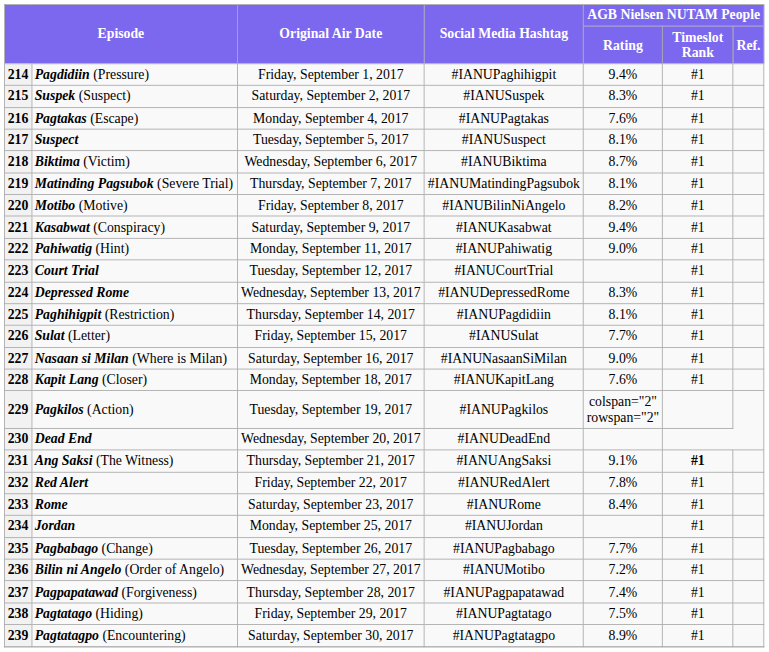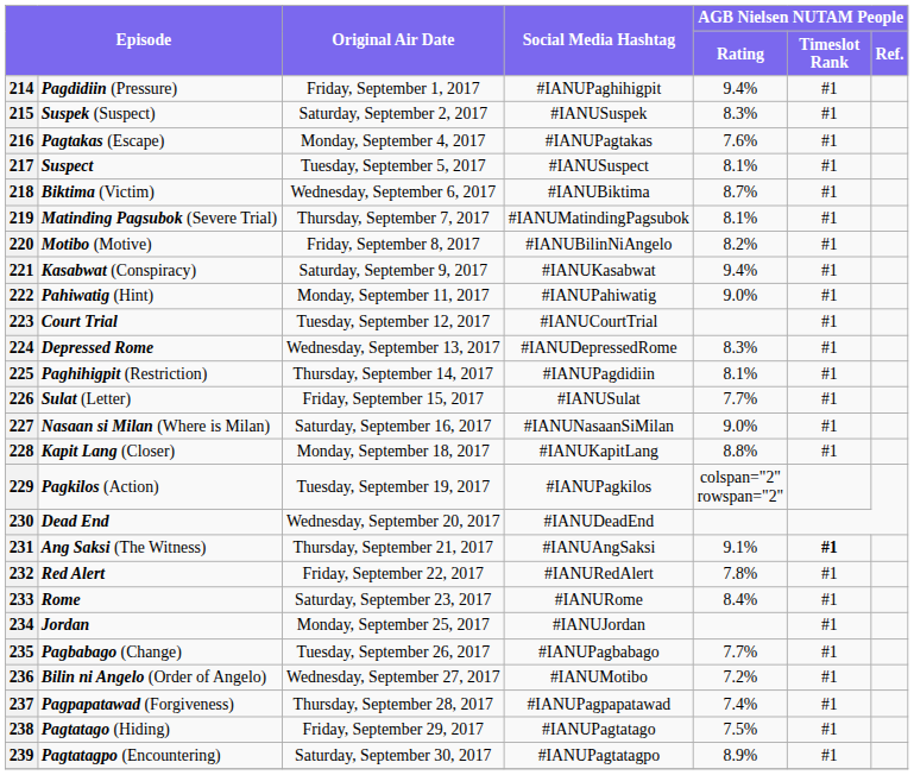 <table class="wikitable" style="text-align:center; font-size:100%; line-height:18px;"  width="100%">
 <tr>
 <th colspan="2" rowspan="2" style="background-color:#7B68EE; color:#ffffff;">Episode</th>
 <th style="background:#7B68EE; color:white" rowspan="2">Original Air Date</th>
 <th style="background:#7B68EE; color:white" rowspan="2">Social Media Hashtag</th>
 <th style="background-color:#7B68EE; color:#ffffff;" colspan="3">AGB Nielsen NUTAM People</th>
 </tr>
 <tr>
 <th style="background-color:#7B68EE; width:75px; color:#ffffff;">Rating</th>
 <th style="background-color:#7B68EE; width:75px; color:#ffffff;">Timeslot<br>Rank</th>
 <th style="background-color:#7B68EE; color:#ffffff;">Ref.</th>
 </tr>
 <tr>
 <th>214</th>
 <td style="text-align: left;"><strong><em>Pagdidiin</em></strong> (Pressure)</td>
 <td>Friday, September 1, 2017</td>
 <td>#IANUPaghihigpit</td>
 <td>9.4%</td>
 <td>#1</td>
 <td></td>
 </tr>
 <tr>
 <th>215</th>
 <td style="text-align: left;"><strong><em>Suspek</em></strong> (Suspect)</td>
 <td>Saturday, September 2, 2017</td>
 <td>#IANUSuspek</td>
 <td>8.3%</td>
 <td>#1</td>
 <td></td>
 </tr>
 <tr>
 <th>216</th>
 <td style="text-align: left;"><strong><em>Pagtakas</em></strong> (Escape)</td>
 <td>Monday, September 4, 2017</td>
 <td>#IANUPagtakas</td>
 <td>7.6%</td>
 <td>#1</td>
 <td></td>
 </tr>
 <tr>
 <th>217</th>
 <td style="text-align: left;"><strong><em>Suspect</em></strong></td>
 <td>Tuesday, September 5, 2017</td>
 <td>#IANUSuspect</td>
 <td>8.1%</td>
 <td>#1</td>
 <td></td>
 </tr>
 <tr>
 <th>218</th>
 <td style="text-align: left;"><strong><em>Biktima</em></strong> (Victim)</td>
 <td>Wednesday, September 6, 2017</td>
 <td>#IANUBiktima</td>
 <td>8.7%</td>
 <td>#1</td>
 <td></td>
 </tr>
 <tr>
 <th>219</th>
 <td style="text-align: left;"><strong><em>Matinding Pagsubok</em></strong> (Severe Trial)</td>
 <td>Thursday, September 7, 2017</td>
 <td>#IANUMatindingPagsubok</td>
 <td>8.1%</td>
 <td>#1</td>
 <td></td>
 </tr>
 <tr>
 <th>220</th>
 <td style="text-align: left;"><strong><em>Motibo</em></strong> (Motive)</td>
 <td>Friday, September 8, 2017</td>
 <td>#IANUBilinNiAngelo</td>
 <td>8.2%</td>
 <td>#1</td>
 <td></td>
 </tr>
 <tr>
 <th>221</th>
 <td style="text-align: left;"><strong><em>Kasabwat</em></strong> (Conspiracy)</td>
 <td>Saturday, September 9, 2017</td>
 <td>#IANUKasabwat</td>
 <td>9.4%</td>
 <td>#1</td>
 <td></td>
 </tr>
 <tr>
 <th>222</th>
 <td style="text-align: left;"><strong><em>Pahiwatig</em></strong> (Hint)</td>
 <td>Monday, September 11, 2017</td>
 <td>#IANUPahiwatig</td>
 <td>9.0%</td>
 <td>#1</td>
 <td></td>
 </tr>
 <tr>
 <th>223</th>
 <td style="text-align: left;"><strong><em>Court Trial</em></strong></td>
 <td>Tuesday, September 12, 2017</td>
 <td>#IANUCourtTrial</td>
 <td></td>
 <td>#1</td>
 <td></td>
 </tr>
 <tr>
 <th>224</th>
 <td style="text-align: left;"><strong><em>Depressed Rome</em></strong></td>
 <td>Wednesday, September 13, 2017</td>
 <td>#IANUDepressedRome</td>
 <td>8.3%</td>
 <td>#1</td>
 <td></td>
 </tr>
 <tr>
 <th>225</th>
 <td style="text-align: left;"><strong><em>Paghihigpit</em></strong> (Restriction)</td>
 <td>Thursday, September 14, 2017</td>
 <td>#IANUPagdidiin</td>
 <td>8.1%</td>
 <td>#1</td>
 <td></td>
 </tr>
 <tr>
 <th>226</th>
 <td style="text-align: left;"><strong><em>Sulat</em></strong> (Letter)</td>
 <td>Friday, September 15, 2017</td>
 <td>#IANUSulat</td>
 <td>7.7%</td>
 <td>#1</td>
 <td></td>
 </tr>
 <tr>
 <th>227</th>
 <td style="text-align: left;"><strong><em>Nasaan si Milan</em></strong> (Where is Milan)</td>
 <td>Saturday, September 16, 2017</td>
 <td>#IANUNasaanSiMilan</td>
 <td>9.0%</td>
 <td>#1</td>
 <td></td>
 </tr>
 <tr>
 <th>228</th>
 <td style="text-align: left;"><strong><em>Kapit Lang</em></strong> (Closer)</td>
 <td>Monday, September 18, 2017</td>
 <td>#IANUKapitLang</td>
-<td>7.6%</td>
+<td>8.8%</td>
 <td>#1</td>
 <td></td>
 </tr>
 <tr>
 <th>229</th>
 <td style="text-align: left;"><strong><em>Pagkilos</em></strong> (Action)</td>
 <td>Tuesday, September 19, 2017</td>
 <td>#IANUPagkilos</td>
 <td>colspan="2" rowspan="2" </td>
 <td></td>
 </tr>
 <tr>
 <th>230</th>
 <td style="text-align: left;"><strong><em>Dead End</em></strong></td>
 <td>Wednesday, September 20, 2017</td>
 <td>#IANUDeadEnd</td>
 <td></td>
 </tr>
 <tr>
 <th>231</th>
 <td style="text-align: left;"><strong><em>Ang Saksi</em></strong> (The Witness)</td>
 <td>Thursday, September 21, 2017</td>
 <td>#IANUAngSaksi</td>
 <td>9.1%</td>
 <td><strong>#1</strong></td>
 <td></td>
 </tr>
 <tr>
 <th>232</th>
 <td style="text-align: left;"><strong><em>Red Alert</em></strong></td>
 <td>Friday, September 22, 2017</td>
 <td>#IANURedAlert</td>
 <td>7.8%</td>
 <td>#1</td>
 <td></td>
 </tr>
 <tr>
 <th>233</th>
 <td style="text-align: left;"><strong><em>Rome</em></strong></td>
 <td>Saturday, September 23, 2017</td>
 <td>#IANURome</td>
 <td>8.4%</td>
 <td>#1</td>
 <td></td>
 </tr>
 <tr>
 <th>234</th>
 <td style="text-align: left;"><strong><em>Jordan</em></strong></td>
 <td>Monday, September 25, 2017</td>
 <td>#IANUJordan</td>
 <td></td>
 <td>#1</td>
 <td></td>
 </tr>
 <tr>
 <th>235</th>
 <td style="text-align: left;"><strong><em>Pagbabago</em></strong> (Change)</td>
 <td>Tuesday, September 26, 2017</td>
 <td>#IANUPagbabago</td>
 <td>7.7%</td>
 <td>#1</td>
 <td></td>
 </tr>
 <tr>
 <th>236</th>
 <td style="text-align: left;"><strong><em>Bilin ni Angelo</em></strong> (Order of Angelo)</td>
 <td>Wednesday, September 27, 2017</td>
 <td>#IANUMotibo</td>
 <td>7.2%</td>
 <td>#1</td>
 <td></td>
 </tr>
 <tr>
 <th>237</th>
 <td style="text-align: left;"><strong><em>Pagpapatawad</em></strong> (Forgiveness)</td>
 <td>Thursday, September 28, 2017</td>
 <td>#IANUPagpapatawad</td>
 <td>7.4%</td>
 <td>#1</td>
 <td></td>
 </tr>
 <tr>
 <th>238</th>
 <td style="text-align: left;"><strong><em>Pagtatago</em></strong> (Hiding)</td>
 <td>Friday, September 29, 2017</td>
 <td>#IANUPagtatago</td>
 <td>7.5%</td>
 <td>#1</td>
 <td></td>
 </tr>
 <tr>
 <th>239</th>
 <td style="text-align: left;"><strong><em>Pagtatagpo</em></strong> (Encountering)</td>
 <td>Saturday, September 30, 2017</td>
 <td>#IANUPagtatagpo</td>
 <td>8.9%</td>
 <td>#1</td>
 <td></td>
 </tr>
 <tr>
 </tr>
 </table>
